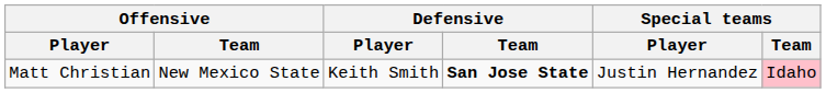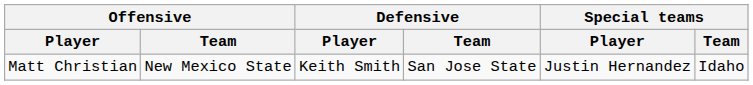 <table class="wikitable">
 <tr>
 <th colspan="2">Offensive</th>
 <th colspan="2">Defensive</th>
 <th colspan="2">Special teams</th>
 </tr>
 <tr>
 <th>Player</th>
 <th>Team</th>
 <th>Player</th>
 <th>Team</th>
 <th>Player</th>
 <th>Team</th>
 </tr>
 <tr>
 <td>Matt Christian</td>
 <td>New Mexico State</td>
 <td>Keith Smith</td>
-<td><strong>San Jose State</strong></td>
+<td>San Jose State</td>
 <td>Justin Hernandez</td>
-<td style="background: pink;">Idaho</td>
+<td>Idaho</td>
 </tr>
 </table>
